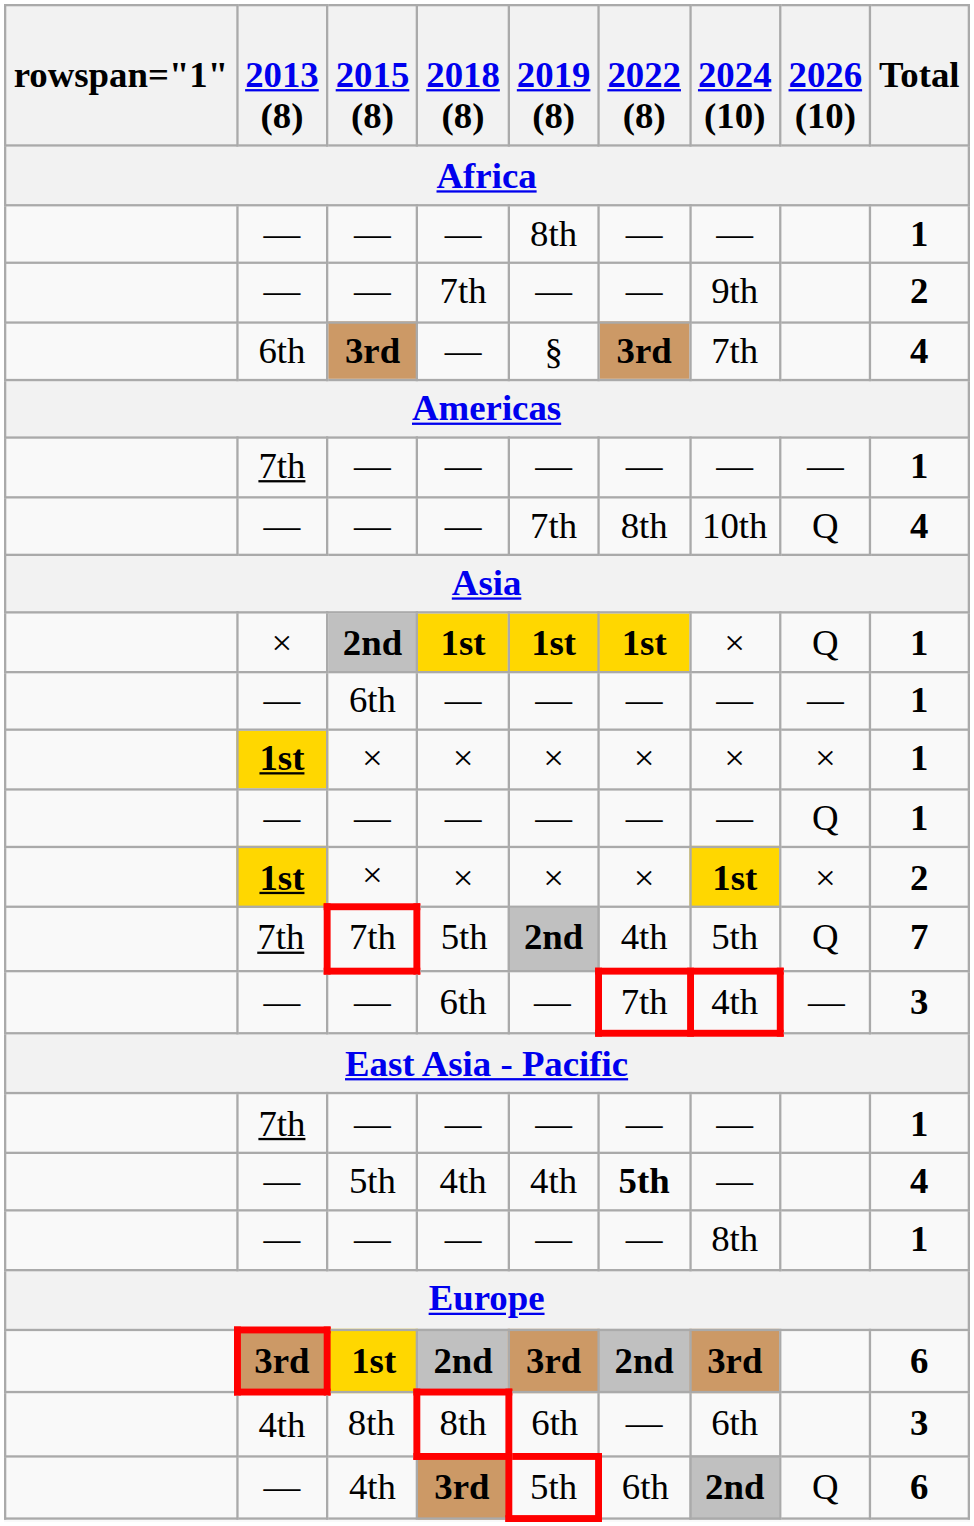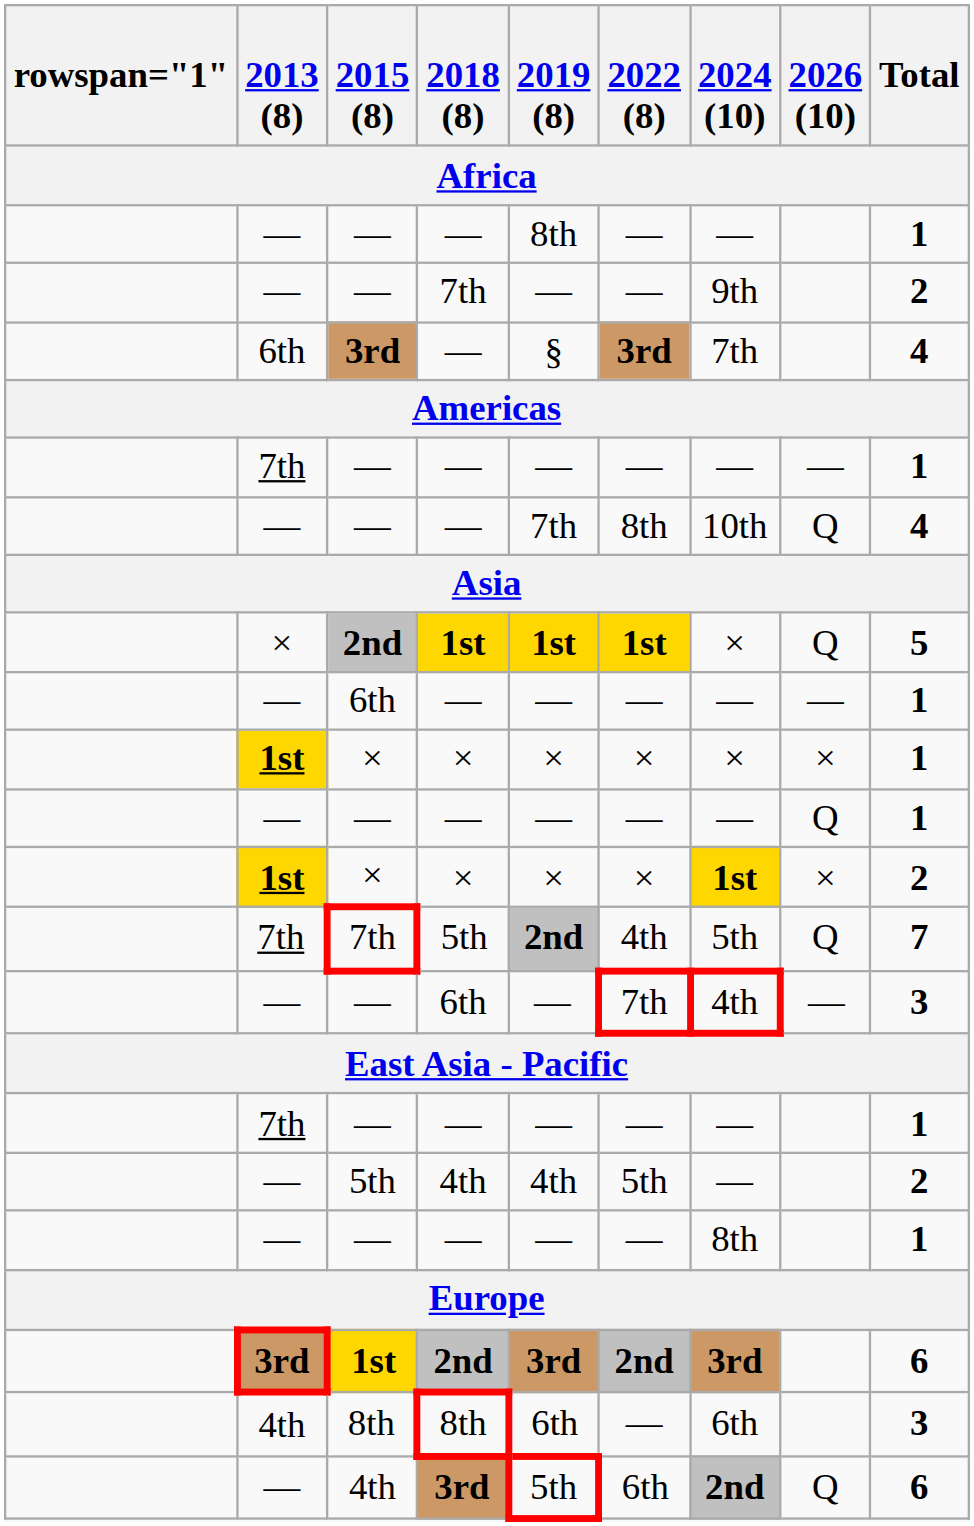 <table class="wikitable" style="text-align:center">
 <tr>
 <th>rowspan="1" </th>
 <th><br><a href='#'>2013</a><br>(8)</th>
 <th><br><a href='#'>2015</a><br>(8)</th>
 <th><br><a href='#'>2018</a><br>(8)</th>
 <th><br><a href='#'>2019</a><br>(8)</th>
 <th><br><a href='#'>2022</a><br>(8)</th>
 <th><br><a href='#'>2024</a><br>(10)</th>
 <th><br><a href='#'>2026</a><br>(10)</th>
 <th>Total</th>
 </tr>
 <tr>
 <th colspan="9"><a href='#'>Africa</a></th>
 </tr>
 <tr>
 <td align="left"></td>
 <td>—</td>
 <td>—</td>
 <td>—</td>
 <td>8th</td>
 <td>—</td>
 <td>—</td>
 <td></td>
 <td><strong>1</strong></td>
 </tr>
 <tr>
 <td align="left"></td>
 <td>—</td>
 <td>—</td>
 <td>7th</td>
 <td>—</td>
 <td>—</td>
 <td>9th</td>
 <td></td>
 <td><strong>2</strong></td>
 </tr>
 <tr>
 <td align="left"></td>
 <td>6th</td>
 <td bgcolor="#cc9966"><strong>3rd</strong></td>
 <td>—</td>
 <td>§</td>
 <td bgcolor="#cc9966"><strong>3rd</strong></td>
 <td>7th</td>
 <td></td>
 <td><strong>4</strong></td>
 </tr>
 <tr>
 <th colspan="9"><a href='#'>Americas</a></th>
 </tr>
 <tr>
 <td align="left"></td>
 <td><u>7th</u></td>
 <td>—</td>
 <td>—</td>
 <td>—</td>
 <td>—</td>
 <td>—</td>
 <td>—</td>
 <td><strong>1</strong></td>
 </tr>
 <tr>
 <td align="left"></td>
 <td>—</td>
 <td>—</td>
 <td>—</td>
 <td>7th</td>
 <td>8th</td>
 <td>10th</td>
 <td>Q</td>
 <td><strong>4</strong></td>
 </tr>
 <tr>
 <th colspan="9"><a href='#'>Asia</a></th>
 </tr>
 <tr>
 <td align=left></td>
 <td>×</td>
 <td bgcolor=Silver><strong>2nd</strong></td>
 <td bgcolor=Gold><strong>1st</strong></td>
 <td bgcolor=Gold><strong>1st</strong></td>
 <td bgcolor=Gold><strong>1st</strong></td>
 <td>×</td>
 <td>Q</td>
-<td><strong>1</strong></td>
+<td><strong>5</strong></td>
 </tr>
 <tr>
 <td align=left></td>
 <td>—</td>
 <td>6th</td>
 <td>—</td>
 <td>—</td>
 <td>—</td>
 <td>—</td>
 <td>—</td>
 <td><strong>1</strong></td>
 </tr>
 <tr>
 <td align="left"></td>
 <td bgcolor="Gold"><u><strong>1st</strong></u></td>
 <td>×</td>
 <td>×</td>
 <td>×</td>
 <td>×</td>
 <td>×</td>
 <td>×</td>
 <td><strong>1</strong></td>
 </tr>
 <tr>
 <td align="left"></td>
 <td>—</td>
 <td>—</td>
 <td>—</td>
 <td>—</td>
 <td>—</td>
 <td>—</td>
 <td>Q</td>
 <td><strong>1</strong></td>
 </tr>
 <tr>
 <td align="left"></td>
 <td bgcolor="Gold"><u><strong>1st</strong></u></td>
 <td>×</td>
 <td>×</td>
 <td>×</td>
 <td>×</td>
 <td bgcolor="Gold"><strong>1st</strong></td>
 <td>×</td>
 <td><strong>2</strong></td>
 </tr>
 <tr>
 <td align="left"></td>
 <td><u>7th</u></td>
 <td style="border: 3px solid red">7th</td>
 <td>5th</td>
 <td bgcolor="Silver"><strong>2nd</strong></td>
 <td>4th</td>
 <td>5th</td>
 <td>Q</td>
 <td><strong>7</strong></td>
 </tr>
 <tr>
 <td align="left"></td>
 <td>—</td>
 <td>—</td>
 <td>6th</td>
 <td>—</td>
 <td style="border: 3px solid red">7th</td>
 <td style="border: 3px solid red">4th</td>
 <td>—</td>
 <td><strong>3</strong></td>
 </tr>
 <tr>
 <th colspan="9"><a href='#'>East Asia - Pacific</a></th>
 </tr>
 <tr>
 <td align="left"></td>
 <td><u>7th</u></td>
 <td>—</td>
 <td>—</td>
 <td>—</td>
 <td>—</td>
 <td>—</td>
 <td></td>
 <td><strong>1</strong></td>
 </tr>
 <tr>
 <td align="left"></td>
 <td>—</td>
 <td>5th</td>
 <td>4th</td>
 <td>4th</td>
-<td><strong>5th</strong></td>
+<td>5th</td>
 <td>—</td>
 <td></td>
-<td><strong>4</strong></td>
+<td><strong>2</strong></td>
 </tr>
 <tr>
 <td align="left"></td>
 <td>—</td>
 <td>—</td>
 <td>—</td>
 <td>—</td>
 <td>—</td>
 <td>8th</td>
 <td></td>
 <td><strong>1</strong></td>
 </tr>
 <tr>
 <th colspan="9"><a href='#'>Europe</a></th>
 </tr>
 <tr>
 <td align=left></td>
 <td style="border: 3px solid red" bgcolor=#cc9966><strong>3rd</strong></td>
 <td bgcolor=Gold><strong>1st</strong></td>
 <td bgcolor=Silver><strong>2nd</strong></td>
 <td bgcolor=#cc9966><strong>3rd</strong></td>
 <td bgcolor=Silver><strong>2nd</strong></td>
 <td bgcolor=#cc9966><strong>3rd</strong></td>
 <td></td>
 <td><strong>6</strong></td>
 </tr>
 <tr>
 <td align=left></td>
 <td>4th</td>
 <td>8th</td>
 <td style="border: 3px solid red">8th</td>
 <td>6th</td>
 <td>—</td>
 <td>6th</td>
 <td></td>
 <td><strong>3</strong></td>
 </tr>
 <tr>
 <td align=left></td>
 <td>—</td>
 <td>4th</td>
 <td bgcolor=#cc9966><strong>3rd</strong></td>
 <td style="border: 3px solid red">5th</td>
 <td>6th</td>
 <td bgcolor=Silver><strong>2nd</strong></td>
 <td>Q</td>
 <td><strong>6</strong></td>
 </tr>
 </table>
